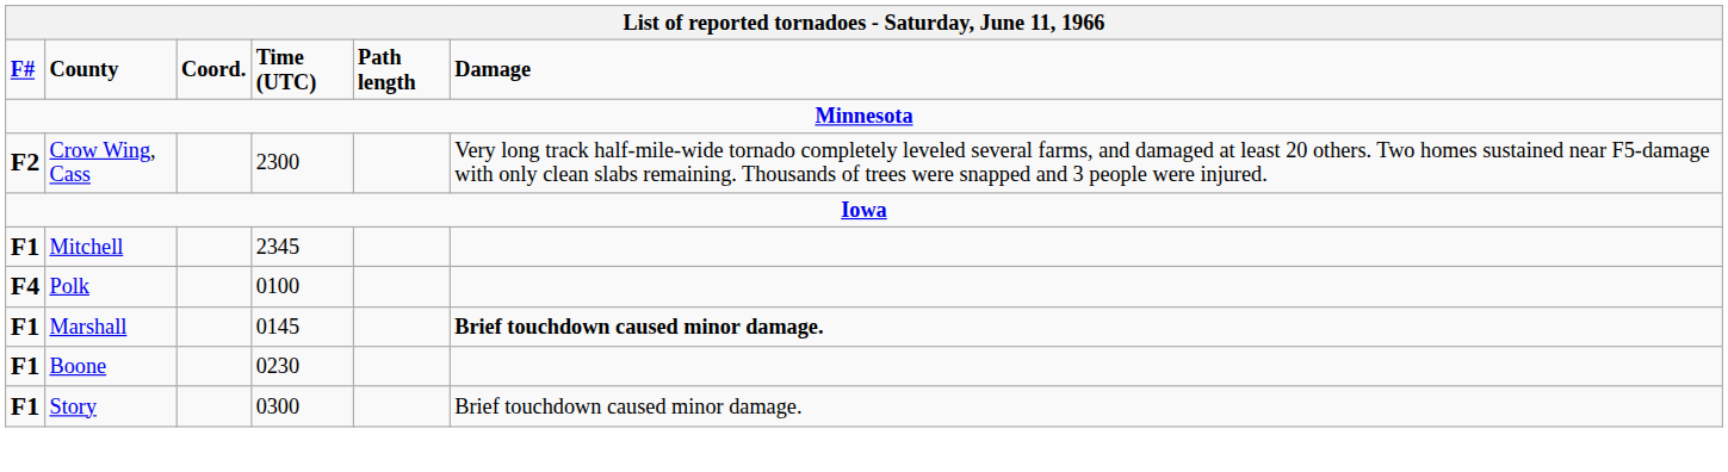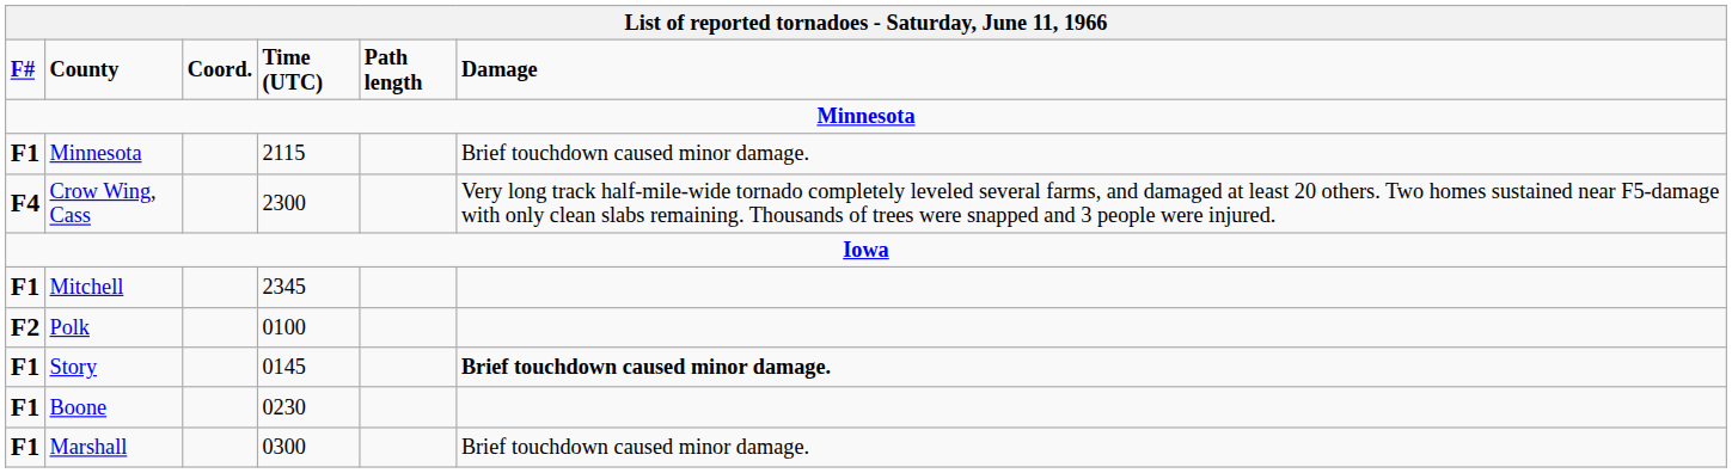 <table class="wikitable collapsible" style="width:100%;">
 <tr>
 <th colspan="6">List of reported tornadoes - Saturday, June 11, 1966</th>
 </tr>
 <tr>
 <td><strong><a href='#'>F#</a></strong></td>
 <td><strong>County</strong></td>
 <td><strong>Coord.</strong></td>
 <td><strong>Time (UTC)</strong></td>
 <td><strong>Path length</strong></td>
 <td><strong>Damage</strong></td>
 </tr>
 <tr>
 <td colspan="6" style="text-align:center;"><strong><a href='#'>Minnesota</a></strong></td>
 </tr>
 <tr>
-<td><big><strong>F2</strong></big></td>
+<td><big><strong>F1</strong></big></td>
+<td><a href='#'>Minnesota</a></td>
+<td></td>
+<td>2115</td>
+<td></td>
+<td>Brief touchdown caused minor damage.</td>
+</tr>
+<tr>
+<td><big><strong>F4</strong></big></td>
 <td><a href='#'>Crow Wing</a>, <a href='#'>Cass</a></td>
 <td></td>
 <td>2300</td>
 <td></td>
 <td>Very long track half-mile-wide tornado completely leveled several farms, and damaged at least 20 others. Two homes sustained near F5-damage with only clean slabs remaining. Thousands of trees were snapped and 3 people were injured.</td>
 </tr>
 <tr>
 <td colspan="6" style="text-align:center;"><strong><a href='#'>Iowa</a></strong></td>
 </tr>
 <tr>
 <td><big><strong>F1</strong></big></td>
 <td><a href='#'>Mitchell</a></td>
 <td></td>
 <td>2345</td>
 <td></td>
 <td></td>
 </tr>
 <tr>
-<td><big><strong>F4</strong></big></td>
+<td><big><strong>F2</strong></big></td>
 <td><a href='#'>Polk</a></td>
 <td></td>
 <td>0100</td>
 <td></td>
 <td></td>
 </tr>
 <tr>
 <td><big><strong>F1</strong></big></td>
-<td><a href='#'>Marshall</a></td>
+<td><a href='#'>Story</a></td>
 <td></td>
 <td>0145</td>
 <td></td>
 <td><strong>Brief touchdown caused minor damage.</strong></td>
 </tr>
 <tr>
 <td><big><strong>F1</strong></big></td>
 <td><a href='#'>Boone</a></td>
 <td></td>
 <td>0230</td>
 <td></td>
 <td></td>
 </tr>
 <tr>
 <td><big><strong>F1</strong></big></td>
-<td><a href='#'>Story</a></td>
+<td><a href='#'>Marshall</a></td>
 <td></td>
 <td>0300</td>
 <td></td>
 <td>Brief touchdown caused minor damage.</td>
 </tr>
 </table>
